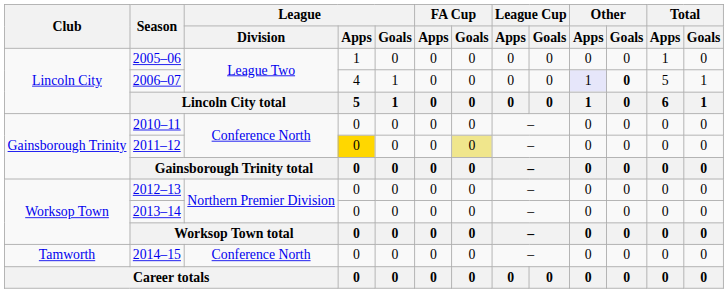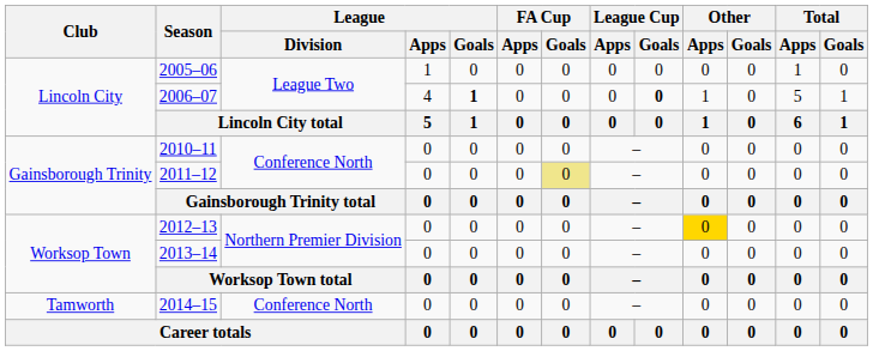 <table class="wikitable" style="text-align: center;">
 <tr>
 <th rowspan="2">Club</th>
 <th rowspan="2">Season</th>
 <th colspan="3">League</th>
 <th colspan="2">FA Cup</th>
 <th colspan="2">League Cup</th>
 <th colspan="2">Other</th>
 <th colspan="2">Total</th>
 </tr>
 <tr>
 <th>Division</th>
 <th>Apps</th>
 <th>Goals</th>
 <th>Apps</th>
 <th>Goals</th>
 <th>Apps</th>
 <th>Goals</th>
 <th>Apps</th>
 <th>Goals</th>
 <th>Apps</th>
 <th>Goals</th>
 </tr>
 <tr>
 <td rowspan="3" valign="center"><a href='#'>Lincoln City</a></td>
 <td><a href='#'>2005–06</a></td>
 <td rowspan="2"><a href='#'>League Two</a></td>
 <td>1</td>
 <td>0</td>
 <td>0</td>
 <td>0</td>
 <td>0</td>
 <td>0</td>
 <td>0</td>
 <td>0</td>
 <td>1</td>
 <td>0</td>
 </tr>
 <tr>
 <td><a href='#'>2006–07</a></td>
 <td>4</td>
-<td>1</td>
+<td><strong>1</strong></td>
 <td>0</td>
 <td>0</td>
 <td>0</td>
+<td><strong>0</strong></td>
+<td>1</td>
 <td>0</td>
-<td style="background: lavender;">1</td>
-<td><strong>0</strong></td>
 <td>5</td>
 <td>1</td>
 </tr>
 <tr>
 <th colspan="2">Lincoln City total</th>
 <th>5</th>
 <th>1</th>
 <th>0</th>
 <th>0</th>
 <th>0</th>
 <th>0</th>
 <th>1</th>
 <th>0</th>
 <th>6</th>
 <th>1</th>
 </tr>
 <tr>
 <td rowspan="3" valign="center"><a href='#'>Gainsborough Trinity</a></td>
 <td><a href='#'>2010–11</a></td>
 <td rowspan="2"><a href='#'>Conference North</a></td>
 <td>0</td>
 <td>0</td>
 <td>0</td>
 <td>0</td>
 <td colspan="2">–</td>
 <td>0</td>
 <td>0</td>
 <td>0</td>
 <td>0</td>
 </tr>
 <tr>
 <td><a href='#'>2011–12</a></td>
-<td style="background: gold;">0</td>
+<td>0</td>
 <td>0</td>
 <td>0</td>
 <td style="background: khaki;">0</td>
 <td colspan="2">–</td>
 <td>0</td>
 <td>0</td>
 <td>0</td>
 <td>0</td>
 </tr>
 <tr>
 <th colspan="2">Gainsborough Trinity total</th>
 <th>0</th>
 <th>0</th>
 <th>0</th>
 <th>0</th>
 <th colspan="2">–</th>
 <th>0</th>
 <th>0</th>
 <th>0</th>
 <th>0</th>
 </tr>
 <tr>
 <td rowspan="3" valign="center"><a href='#'>Worksop Town</a></td>
 <td><a href='#'>2012–13</a></td>
 <td rowspan="2"><a href='#'>Northern Premier Division</a></td>
 <td>0</td>
 <td>0</td>
 <td>0</td>
 <td>0</td>
 <td colspan="2">–</td>
-<td>0</td>
+<td style="background: gold;">0</td>
 <td>0</td>
 <td>0</td>
 <td>0</td>
 </tr>
 <tr>
 <td><a href='#'>2013–14</a></td>
 <td>0</td>
 <td>0</td>
 <td>0</td>
 <td>0</td>
 <td colspan="2">–</td>
 <td>0</td>
 <td>0</td>
 <td>0</td>
 <td>0</td>
 </tr>
 <tr>
 <th colspan="2">Worksop Town total</th>
 <th>0</th>
 <th>0</th>
 <th>0</th>
 <th>0</th>
 <th colspan="2">–</th>
 <th>0</th>
 <th>0</th>
 <th>0</th>
 <th>0</th>
 </tr>
 <tr>
 <td valign="center"><a href='#'>Tamworth</a></td>
 <td><a href='#'>2014–15</a></td>
 <td><a href='#'>Conference North</a></td>
 <td>0</td>
 <td>0</td>
 <td>0</td>
 <td>0</td>
 <td colspan="2">–</td>
 <td>0</td>
 <td>0</td>
 <td>0</td>
 <td>0</td>
 </tr>
 <tr>
 <th colspan="3">Career totals</th>
 <th>0</th>
 <th>0</th>
 <th>0</th>
 <th>0</th>
 <th>0</th>
 <th>0</th>
 <th>0</th>
 <th>0</th>
 <th>0</th>
 <th>0</th>
 </tr>
 </table>
